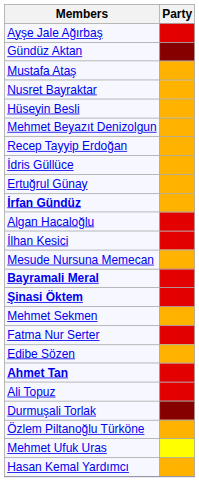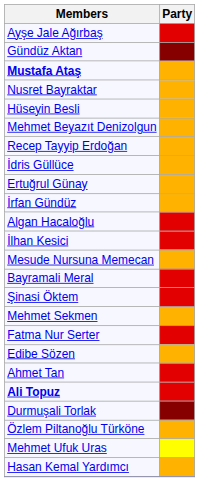 <table class=wikitable style="border:1px solid #8888aa; background-color:#f7f8ff; padding:0px; font-size:90%;">
 <tr>
 <th>Members</th>
 <th colspan="2">Party</th>
 </tr>
 <tr>
 <td><a href='#'>Ayşe Jale Ağırbaş</a></td>
 <td style="background: #e30000"></td>
 </tr>
 <tr>
 <td><a href='#'>Gündüz Aktan</a></td>
 <td style="background: #870000"></td>
 </tr>
 <tr>
-<td><a href='#'>Mustafa Ataş</a></td>
+<td><strong><a href='#'>Mustafa Ataş</a></strong></td>
 <td style="background: #ffb300"></td>
 </tr>
 <tr>
 <td><a href='#'>Nusret Bayraktar</a></td>
 <td style="background: #ffb300"></td>
 </tr>
 <tr>
 <td><a href='#'>Hüseyin Besli</a></td>
 <td style="background: #ffb300"></td>
 </tr>
 <tr>
 <td><a href='#'>Mehmet Beyazıt Denizolgun</a></td>
 <td style="background: #ffb300"></td>
 </tr>
 <tr>
 <td><a href='#'>Recep Tayyip Erdoğan</a></td>
 <td style="background: #ffb300"></td>
 </tr>
 <tr>
 <td><a href='#'>İdris Güllüce</a></td>
 <td style="background: #ffb300"></td>
 </tr>
 <tr>
 <td><a href='#'>Ertuğrul Günay</a></td>
 <td style="background: #ffb300"></td>
 </tr>
 <tr>
-<td><strong><a href='#'>İrfan Gündüz</a></strong></td>
+<td><a href='#'>İrfan Gündüz</a></td>
 <td style="background: #ffb300"></td>
 </tr>
 <tr>
 <td><a href='#'>Algan Hacaloğlu</a></td>
 <td style="background: #e30000"></td>
 </tr>
 <tr>
 <td><a href='#'>İlhan Kesici</a></td>
 <td style="background: #e30000"></td>
 </tr>
 <tr>
 <td><a href='#'>Mesude Nursuna Memecan</a></td>
 <td style="background: #ffb300"></td>
 </tr>
 <tr>
-<td><strong><a href='#'>Bayramali Meral</a></strong></td>
+<td><a href='#'>Bayramali Meral</a></td>
 <td style="background: #e30000"></td>
 </tr>
 <tr>
-<td><strong><a href='#'>Şinasi Öktem</a></strong></td>
+<td><a href='#'>Şinasi Öktem</a></td>
 <td style="background: #e30000"></td>
 </tr>
 <tr>
 <td><a href='#'>Mehmet Sekmen</a></td>
 <td style="background: #ffb300"></td>
 </tr>
 <tr>
 <td><a href='#'>Fatma Nur Serter</a></td>
 <td style="background: #e30000"></td>
 </tr>
 <tr>
 <td><a href='#'>Edibe Sözen</a></td>
 <td style="background: #ffb300"></td>
 </tr>
 <tr>
-<td><strong><a href='#'>Ahmet Tan</a></strong></td>
+<td><a href='#'>Ahmet Tan</a></td>
 <td style="background: #e30000"></td>
 </tr>
 <tr>
-<td><a href='#'>Ali Topuz</a></td>
+<td><strong><a href='#'>Ali Topuz</a></strong></td>
 <td style="background: #e30000"></td>
 </tr>
 <tr>
 <td><a href='#'>Durmuşali Torlak</a></td>
 <td style="background: #870000"></td>
 </tr>
 <tr>
 <td><a href='#'>Özlem Piltanoğlu Türköne</a></td>
 <td style="background: #ffb300"></td>
 </tr>
 <tr>
 <td><a href='#'>Mehmet Ufuk Uras</a></td>
 <td style="background: #ffff00"></td>
 </tr>
 <tr>
 <td><a href='#'>Hasan Kemal Yardımcı</a></td>
 <td style="background: #ffb300"></td>
 </tr>
 <tr>
 </tr>
 </table>
